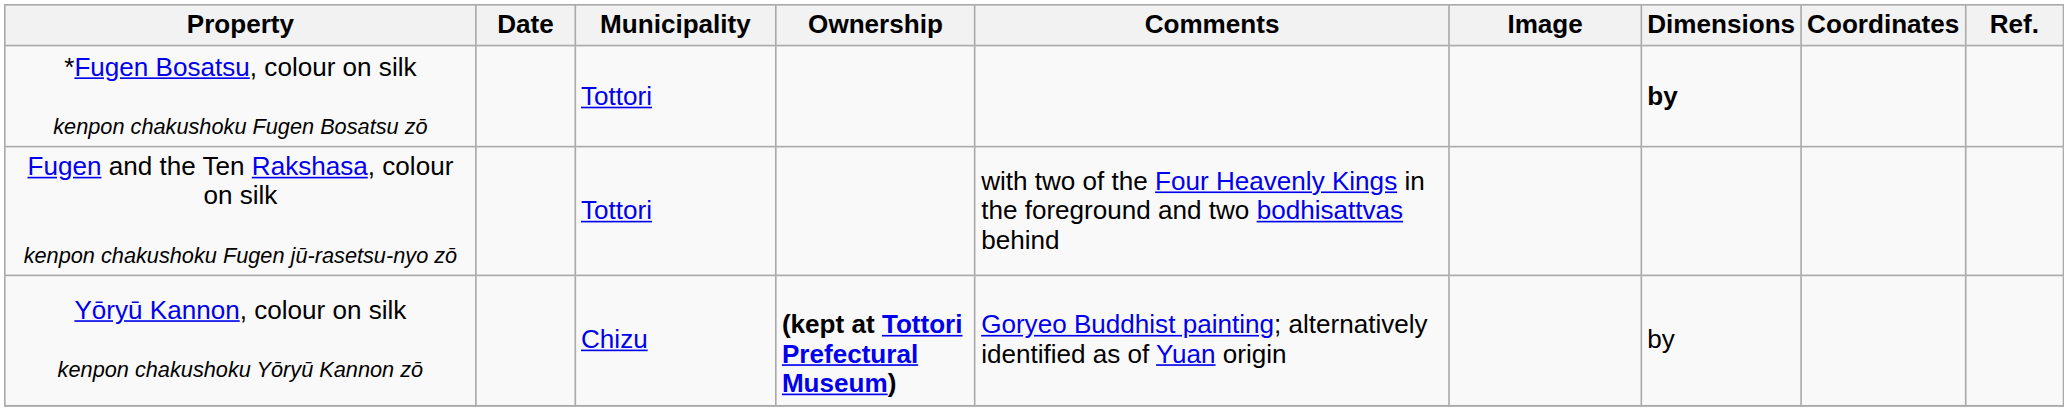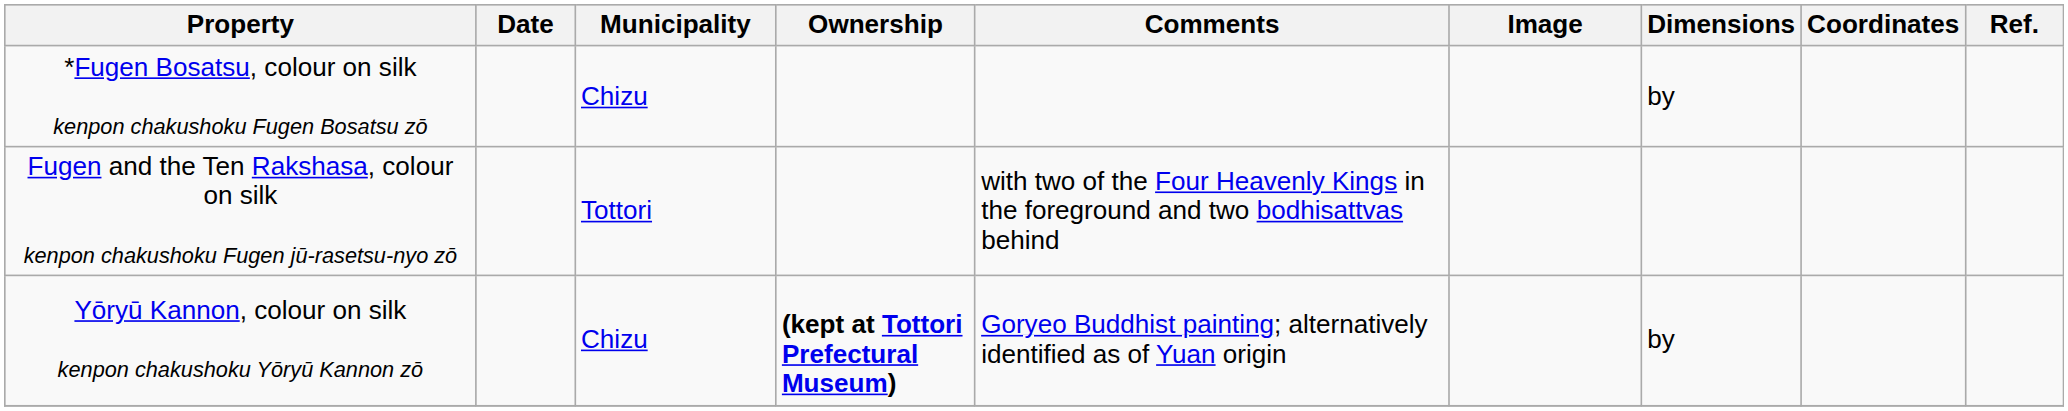 <table class="wikitable sortable"  style="width:100%;">
 <tr>
 <th width="25%" align="left">Property</th>
 <th width="5%" align="left" data-sort-type="number">Date</th>
 <th width="10%" align="left">Municipality</th>
 <th width="10%" align="left">Ownership</th>
 <th width="25%" align="left" class="unsortable">Comments</th>
 <th width="10%" align="left" class="unsortable">Image</th>
 <th width="5%" align="left" class="unsortable">Dimensions</th>
 <th width="5%" align="left" class="unsortable">Coordinates</th>
 <th width="5%" align="left" class="unsortable">Ref.</th>
 </tr>
 <tr>
 <td align="center">*<a href='#'>Fugen Bosatsu</a>, colour on silk<br><br><small><em>kenpon chakushoku Fugen Bosatsu zō</em></small></td>
 <td></td>
-<td><a href='#'>Tottori</a></td>
+<td><a href='#'>Chizu</a></td>
 <td></td>
 <td></td>
 <td></td>
-<td><strong> by </strong></td>
+<td> by </td>
 <td></td>
 <td></td>
 </tr>
 <tr>
 <td align="center"><a href='#'>Fugen</a> and the Ten <a href='#'>Rakshasa</a>, colour on silk<br><br><small><em>kenpon chakushoku Fugen jū-rasetsu-nyo zō</em></small></td>
 <td></td>
 <td><a href='#'>Tottori</a></td>
 <td></td>
 <td>with two of the <a href='#'>Four Heavenly Kings</a> in the foreground and two <a href='#'>bodhisattvas</a> behind</td>
 <td></td>
 <td></td>
 <td></td>
 <td></td>
 </tr>
 <tr>
 <td align="center"><a href='#'>Yōryū Kannon</a>, colour on silk<br><br><small><em>kenpon chakushoku Yōryū Kannon zō</em></small></td>
 <td></td>
 <td><a href='#'>Chizu</a></td>
 <td><strong><br>(kept at <a href='#'>Tottori Prefectural Museum</a>)</strong></td>
 <td><a href='#'>Goryeo Buddhist painting</a>; alternatively identified as of <a href='#'>Yuan</a> origin</td>
 <td></td>
 <td> by </td>
 <td></td>
 <td></td>
 </tr>
 <tr>
 </tr>
 </table>
